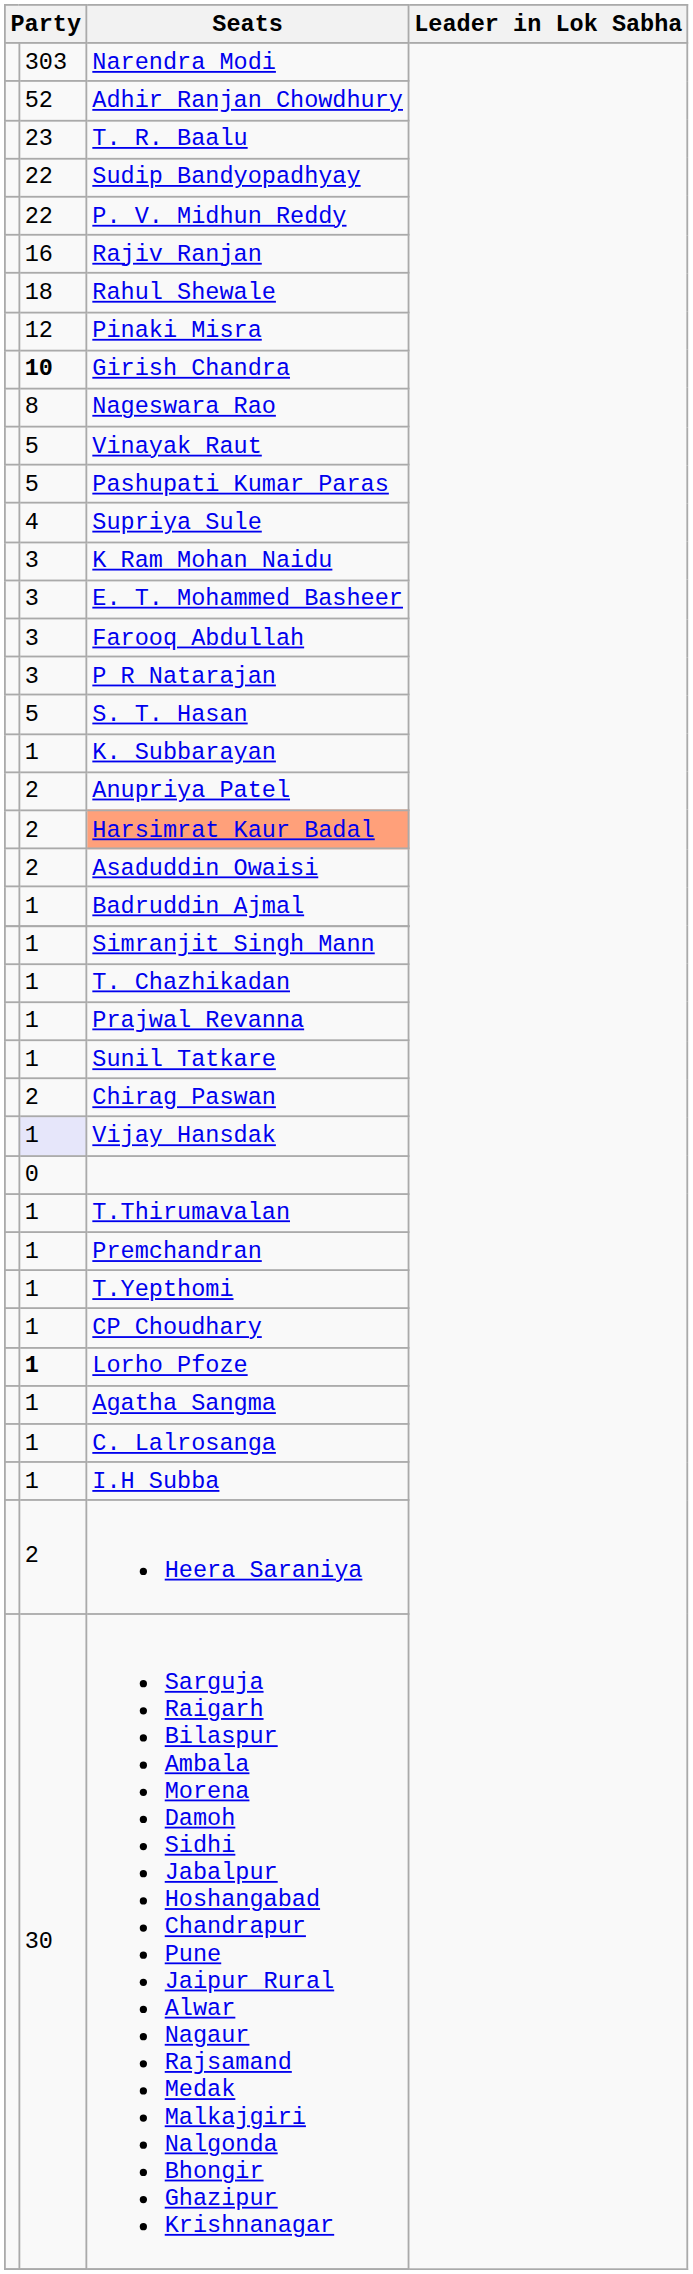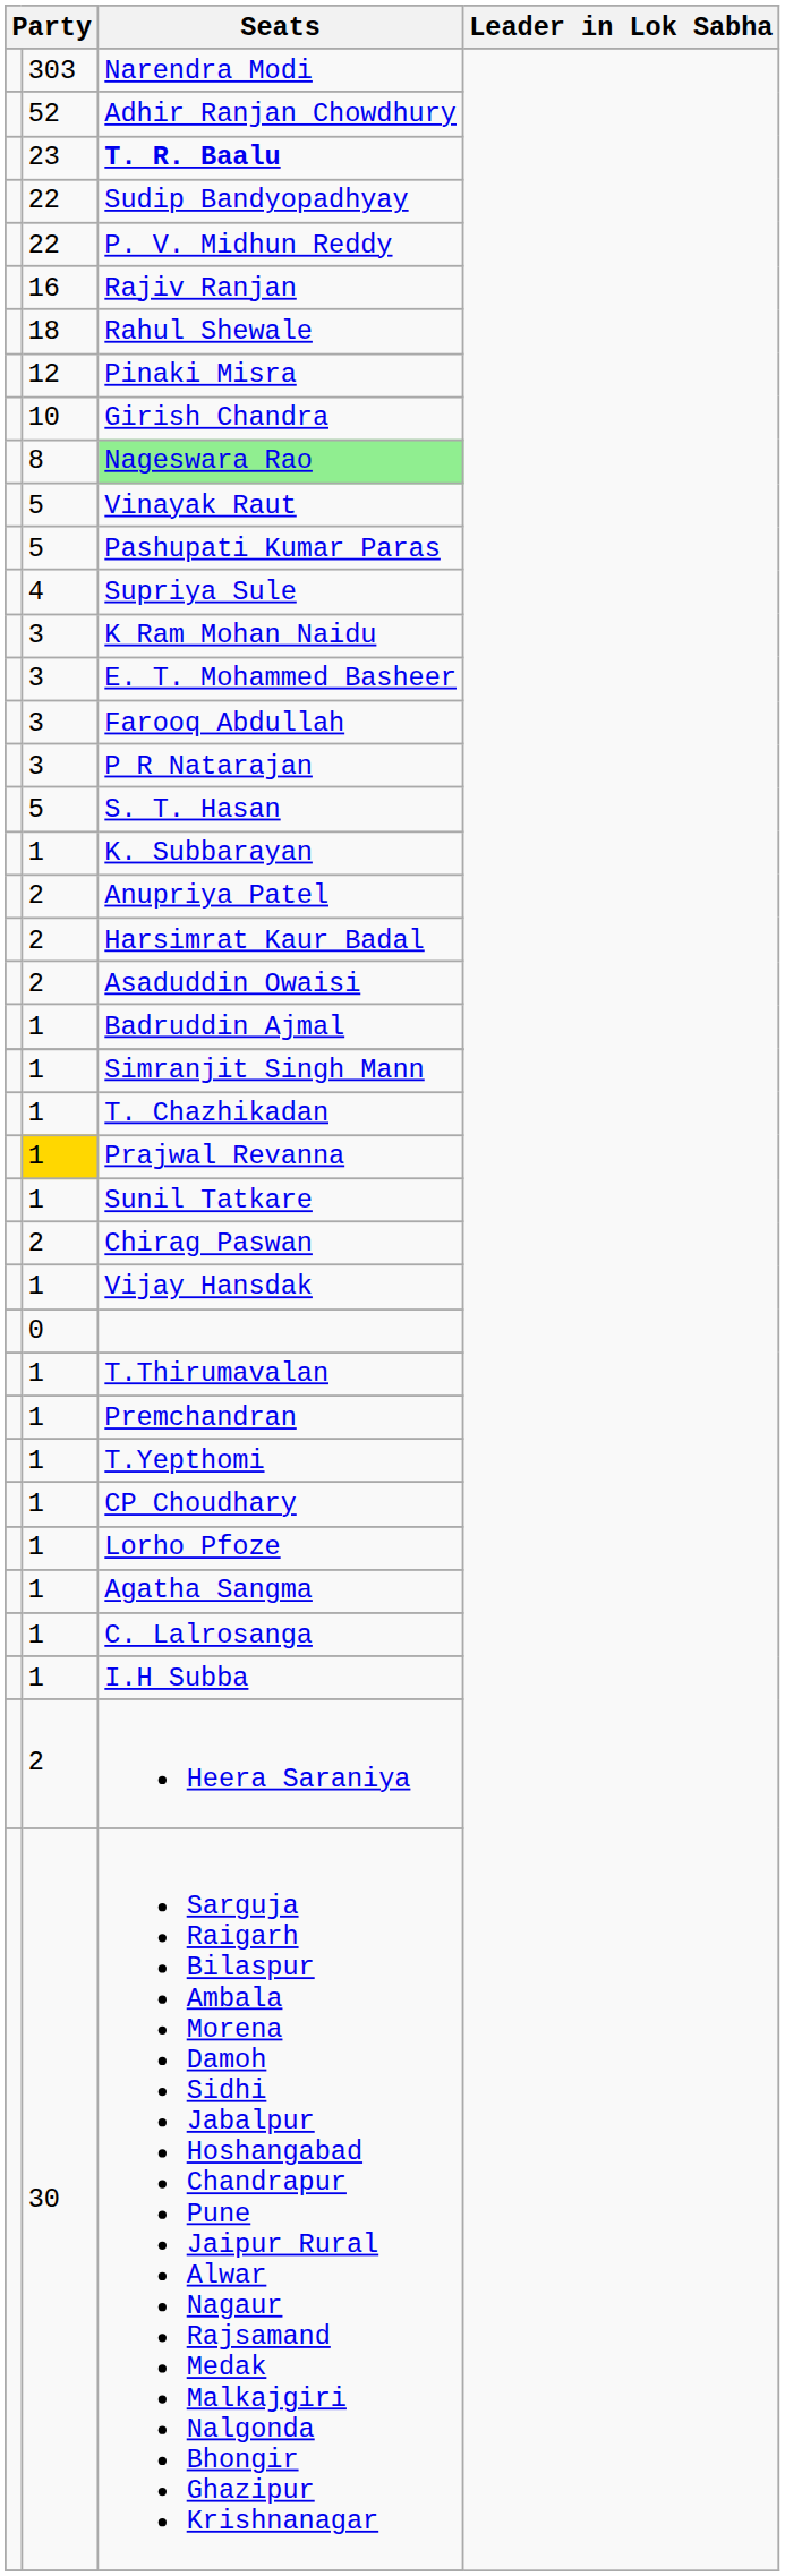 <table class="wikitable sortable">
 <tr>
 <th colspan=2>Party</th>
 <th>Seats</th>
 <th>Leader in Lok Sabha</th>
 </tr>
 <tr>
 <td></td>
 <td>303</td>
 <td><a href='#'>Narendra Modi</a></td>
 </tr>
 <tr>
 <td></td>
 <td>52</td>
 <td><a href='#'>Adhir Ranjan Chowdhury</a></td>
 </tr>
 <tr>
 <td></td>
 <td>23</td>
-<td><a href='#'>T. R. Baalu</a></td>
+<td><strong><a href='#'>T. R. Baalu</a></strong></td>
 </tr>
 <tr>
 <td></td>
 <td>22</td>
 <td><a href='#'>Sudip Bandyopadhyay</a></td>
 </tr>
 <tr>
 <td></td>
 <td>22</td>
 <td><a href='#'>P. V. Midhun Reddy</a></td>
 </tr>
 <tr>
 <td></td>
 <td>16</td>
 <td><a href='#'>Rajiv Ranjan</a></td>
 </tr>
 <tr>
 <td></td>
 <td>18</td>
 <td><a href='#'>Rahul Shewale</a></td>
 </tr>
 <tr>
 <td></td>
 <td>12</td>
 <td><a href='#'>Pinaki Misra</a></td>
 </tr>
 <tr>
 <td></td>
-<td><strong>10</strong></td>
+<td>10</td>
 <td><a href='#'>Girish Chandra</a></td>
 </tr>
 <tr>
 <td></td>
 <td>8</td>
-<td><a href='#'>Nageswara Rao</a></td>
+<td style="background: lightgreen;"><a href='#'>Nageswara Rao</a></td>
 </tr>
 <tr>
 <td></td>
 <td>5</td>
 <td><a href='#'>Vinayak Raut</a></td>
 </tr>
 <tr>
 <td></td>
 <td>5</td>
 <td><a href='#'>Pashupati Kumar Paras</a></td>
 </tr>
 <tr>
 <td></td>
 <td>4</td>
 <td><a href='#'>Supriya Sule</a></td>
 </tr>
 <tr>
 <td></td>
 <td>3</td>
 <td><a href='#'>K Ram Mohan Naidu</a></td>
 </tr>
 <tr>
 <td></td>
 <td>3</td>
 <td><a href='#'>E. T. Mohammed Basheer</a></td>
 </tr>
 <tr>
 <td></td>
 <td>3</td>
 <td><a href='#'>Farooq Abdullah</a></td>
 </tr>
 <tr>
 <td></td>
 <td>3</td>
 <td><a href='#'>P R Natarajan</a></td>
 </tr>
 <tr>
 <td></td>
 <td>5</td>
 <td><a href='#'>S. T. Hasan</a></td>
 </tr>
 <tr>
 <td></td>
 <td>1</td>
 <td><a href='#'>K. Subbarayan</a></td>
 </tr>
 <tr>
 <td></td>
 <td>2</td>
 <td><a href='#'>Anupriya Patel</a></td>
 </tr>
 <tr>
 <td></td>
 <td>2</td>
-<td style="background: lightsalmon;"><a href='#'>Harsimrat Kaur Badal</a></td>
+<td><a href='#'>Harsimrat Kaur Badal</a></td>
 </tr>
 <tr>
 <td></td>
 <td>2</td>
 <td><a href='#'>Asaduddin Owaisi</a></td>
 </tr>
 <tr>
 <td></td>
 <td>1</td>
 <td><a href='#'>Badruddin Ajmal</a></td>
 </tr>
 <tr>
 </tr>
 <tr>
 <td></td>
 <td>1</td>
 <td><a href='#'>Simranjit Singh Mann</a></td>
 </tr>
 <tr>
 <td></td>
 <td>1</td>
 <td><a href='#'>T. Chazhikadan</a></td>
 </tr>
 <tr>
 <td></td>
-<td>1</td>
+<td style="background: gold;">1</td>
 <td><a href='#'>Prajwal Revanna</a></td>
 </tr>
 <tr>
 <td></td>
 <td>1</td>
 <td><a href='#'>Sunil Tatkare</a></td>
 </tr>
 <tr>
 <td></td>
 <td>2</td>
 <td><a href='#'>Chirag Paswan</a></td>
 </tr>
 <tr>
 <td></td>
-<td style="background: lavender;">1</td>
+<td>1</td>
 <td><a href='#'>Vijay Hansdak</a></td>
 </tr>
 <tr>
 <td></td>
 <td>0</td>
 <td></td>
 </tr>
 <tr>
 <td></td>
 <td>1</td>
 <td><a href='#'>T.Thirumavalan</a></td>
 </tr>
 <tr>
 <td></td>
 <td>1</td>
 <td><a href='#'>Premchandran</a></td>
 </tr>
 <tr>
 <td></td>
 <td>1</td>
 <td><a href='#'>T.Yepthomi</a></td>
 </tr>
 <tr>
 <td></td>
 <td>1</td>
 <td><a href='#'>CP Choudhary</a></td>
 </tr>
 <tr>
 <td></td>
-<td><strong>1</strong></td>
+<td>1</td>
 <td><a href='#'>Lorho Pfoze</a></td>
 </tr>
 <tr>
 <td></td>
 <td>1</td>
 <td><a href='#'>Agatha Sangma</a></td>
 </tr>
 <tr>
 <td></td>
 <td>1</td>
 <td><a href='#'>C. Lalrosanga</a></td>
 </tr>
 <tr>
 <td></td>
 <td>1</td>
 <td><a href='#'>I.H Subba</a></td>
 </tr>
 <tr>
 <td></td>
 <td>2</td>
 <td><br><ul><li><a href='#'>Heera Saraniya</a></li></ul></td>
 </tr>
 <tr>
 <td></td>
 <td>30</td>
 <td><br><ul><li><a href='#'>Sarguja</a></li><li><a href='#'>Raigarh</a></li><li><a href='#'>Bilaspur</a></li><li><a href='#'>Ambala</a></li><li><a href='#'>Morena</a></li><li><a href='#'>Damoh</a></li><li><a href='#'>Sidhi</a></li><li><a href='#'>Jabalpur</a></li><li><a href='#'>Hoshangabad</a></li><li><a href='#'>Chandrapur</a></li><li><a href='#'>Pune</a></li><li><a href='#'>Jaipur Rural</a></li><li><a href='#'>Alwar</a></li><li><a href='#'>Nagaur</a></li><li><a href='#'>Rajsamand</a></li><li><a href='#'>Medak</a></li><li><a href='#'>Malkajgiri</a></li><li><a href='#'>Nalgonda</a></li><li><a href='#'>Bhongir</a></li><li><a href='#'>Ghazipur</a></li><li><a href='#'>Krishnanagar</a></li></ul></td>
 </tr>
 <tr>
 </tr>
 </table>
